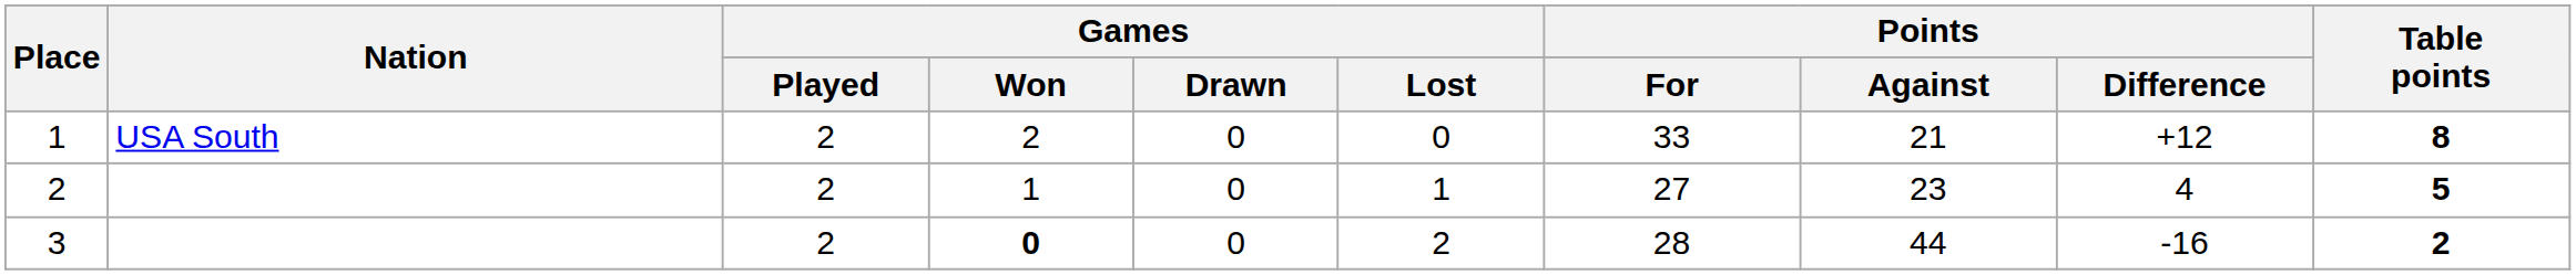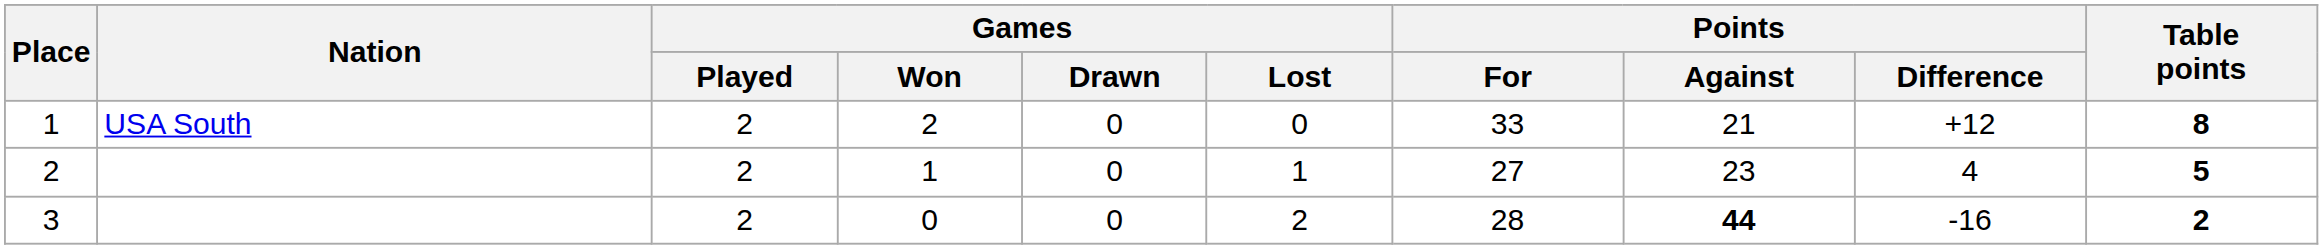 <table class="wikitable">
 <tr>
 <th rowspan="2" style="width:4%;">Place</th>
 <th rowspan="2" style="width:24%;">Nation</th>
 <th colspan="4" style="width:32%;">Games</th>
 <th colspan="3" style="width:30%;">Points</th>
 <th rowspan="2" style="width:10%;">Table<br>points</th>
 </tr>
 <tr>
 <th style="width:8%;">Played</th>
 <th style="width:8%;">Won</th>
 <th style="width:8%;">Drawn</th>
 <th style="width:8%;">Lost</th>
 <th style="width:10%;">For</th>
 <th style="width:10%;">Against</th>
 <th style="width:10%;">Difference</th>
 </tr>
 <tr style="background:#fff; text-align:center;">
 <td>1</td>
 <td align=left><a href='#'>USA South</a></td>
 <td>2</td>
 <td>2</td>
 <td>0</td>
 <td>0</td>
 <td>33</td>
 <td>21</td>
 <td>+12</td>
 <td><strong>8</strong></td>
 </tr>
 <tr style="background:#fff; text-align:center;">
 <td>2</td>
 <td align=left></td>
 <td>2</td>
 <td>1</td>
 <td>0</td>
 <td>1</td>
 <td>27</td>
 <td>23</td>
 <td>4</td>
 <td><strong>5</strong></td>
 </tr>
 <tr style="background:#fff; text-align:center;">
 <td>3</td>
 <td align=left></td>
 <td>2</td>
-<td><strong>0</strong></td>
+<td>0</td>
 <td>0</td>
 <td>2</td>
 <td>28</td>
-<td>44</td>
+<td><strong>44</strong></td>
 <td>-16</td>
 <td><strong>2</strong></td>
 </tr>
 </table>
